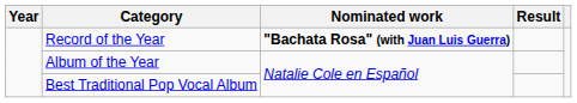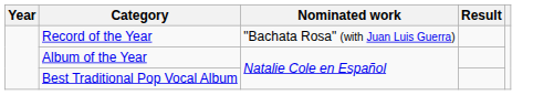 <table class="wikitable plainrowheaders">
 <tr>
 <th>Year</th>
 <th>Category</th>
 <th>Nominated work</th>
 <th>Result</th>
 <th></th>
 </tr>
 <tr>
 <td rowspan="3"></td>
 <td><a href='#'>Record of the Year</a></td>
-<td><strong>"Bachata Rosa" <small>(with <a href='#'>Juan Luis Guerra</a>)</small></strong></td>
+<td>"Bachata Rosa" <small>(with <a href='#'>Juan Luis Guerra</a>)</small></td>
 <td></td>
 <td rowspan="3"></td>
 </tr>
 <tr>
 <td><a href='#'>Album of the Year</a></td>
 <td rowspan="2"><em><a href='#'>Natalie Cole en Español</a></em></td>
 <td></td>
 </tr>
 <tr>
 <td><a href='#'>Best Traditional Pop Vocal Album</a></td>
 <td></td>
 </tr>
 </table>
